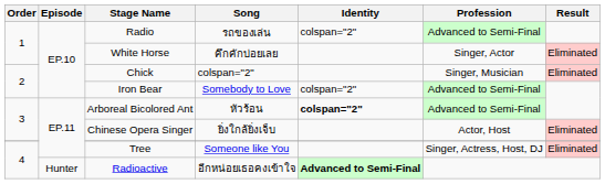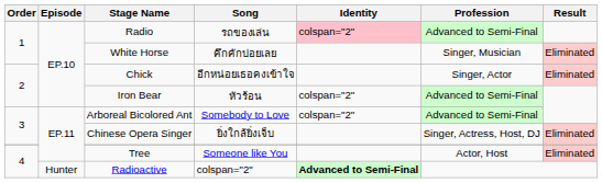 <table class="wikitable">
 <tr>
 <th>Order</th>
 <th>Episode</th>
 <th>Stage Name</th>
 <th>Song</th>
 <th>Identity</th>
 <th>Profession</th>
 <th>Result</th>
 </tr>
 <tr>
 <td rowspan="2" style="text-align:center;">1</td>
 <td rowspan="4" align="center">EP.10</td>
 <td style="text-align:center;">Radio</td>
 <td style="text-align:center;">รถของเล่น</td>
-<td>colspan="2"  </td>
+<td style="background: pink;">colspan="2"  </td>
 <td style="text-align:center; background:#ccffcc;">Advanced to Semi-Final</td>
 </tr>
 <tr>
 <td style="text-align:center;">White Horse</td>
 <td style="text-align:center;">คึกคักบ่อยเลย</td>
 <td style="text-align:center;"></td>
-<td style="text-align:center;">Singer, Actor</td>
+<td style="text-align:center;">Singer, Musician</td>
 <td style="text-align:center; background:#ffcccc;">Eliminated</td>
 </tr>
 <tr>
 <td rowspan="2" style="text-align:center;">2</td>
 <td style="text-align:center;">Chick</td>
-<td>colspan="2"  </td>
+<td style="text-align:center;">อีกหน่อยเธอคงเข้าใจ</td>
 <td style="text-align:center;"></td>
-<td style="text-align:center;">Singer, Musician</td>
+<td style="text-align:center;">Singer, Actor</td>
 <td style="text-align:center; background:#ffcccc;">Eliminated</td>
 </tr>
 <tr>
 <td style="text-align:center;">Iron Bear</td>
-<td style="text-align:center;"><a href='#'>Somebody to Love</a></td>
+<td style="text-align:center;">หัวร้อน</td>
 <td>colspan="2"  </td>
 <td style="text-align:center; background:#ccffcc;">Advanced to Semi-Final</td>
 </tr>
 <tr>
 <td rowspan="2" style="text-align:center;">3</td>
 <td rowspan="4" align="center">EP.11</td>
 <td style="text-align:center;">Arboreal Bicolored Ant</td>
-<td style="text-align:center;">หัวร้อน</td>
-<td><strong>colspan="2"  </strong></td>
+<td style="text-align:center;"><a href='#'>Somebody to Love</a></td>
+<td>colspan="2"  </td>
 <td style="text-align:center; background:#ccffcc;">Advanced to Semi-Final</td>
 </tr>
 <tr>
 <td style="text-align:center;">Chinese Opera Singer</td>
 <td style="text-align:center;">ยิ่งใกล้ยิ่งเจ็บ</td>
 <td style="text-align:center;"></td>
-<td style="text-align:center;">Actor, Host</td>
+<td style="text-align:center;">Singer, Actress, Host,  DJ</td>
 <td style="text-align:center; background:#ffcccc;">Eliminated</td>
 </tr>
 <tr>
 </tr>
 <tr style="text-align:center;">
 <td rowspan="2">4</td>
 <td style="text-align:center;">Tree</td>
 <td style="text-align:center;"><a href='#'>Someone like You</a></td>
 <td style="text-align:center;"></td>
-<td style="text-align:center;">Singer, Actress, Host,  DJ</td>
+<td style="text-align:center;">Actor, Host</td>
 <td style="text-align:center; background:#ffcccc;">Eliminated</td>
 </tr>
 <tr>
 <td style="text-align:center;">Hunter</td>
 <td style="text-align:center;"><a href='#'>Radioactive</a></td>
-<td style="text-align:center;">อีกหน่อยเธอคงเข้าใจ</td>
+<td>colspan="2"  </td>
 <td style="text-align:center; background:#ccffcc;"><strong>Advanced to Semi-Final</strong></td>
 </tr>
 </table>
